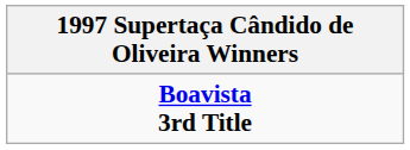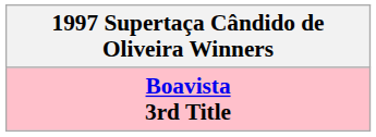 <table class="wikitable" style="text-align: center; margin: 0 auto; width: 20%">
 <tr>
 <th>1997 Supertaça Cândido de Oliveira Winners</th>
 </tr>
 <tr>
-<td><strong><a href='#'>Boavista</a></strong><br><strong>3rd Title</strong></td>
+<td style="background: pink;"><strong><a href='#'>Boavista</a></strong><br><strong>3rd Title</strong></td>
 </tr>
 </table>
